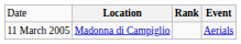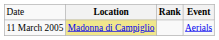 <table class="wikitable sortable" style="font-size:90%" style="text-align:center">
 <tr>
 <td>Date</td>
 <th>Location</th>
 <th>Rank</th>
 <th>Event</th>
 </tr>
 <tr>
 <td>11 March 2005</td>
-<td><a href='#'>Madonna di Campiglio</a></td>
+<td style="background: khaki;"><a href='#'>Madonna di Campiglio</a></td>
 <td></td>
 <td><a href='#'>Aerials</a></td>
 </tr>
 </table>
